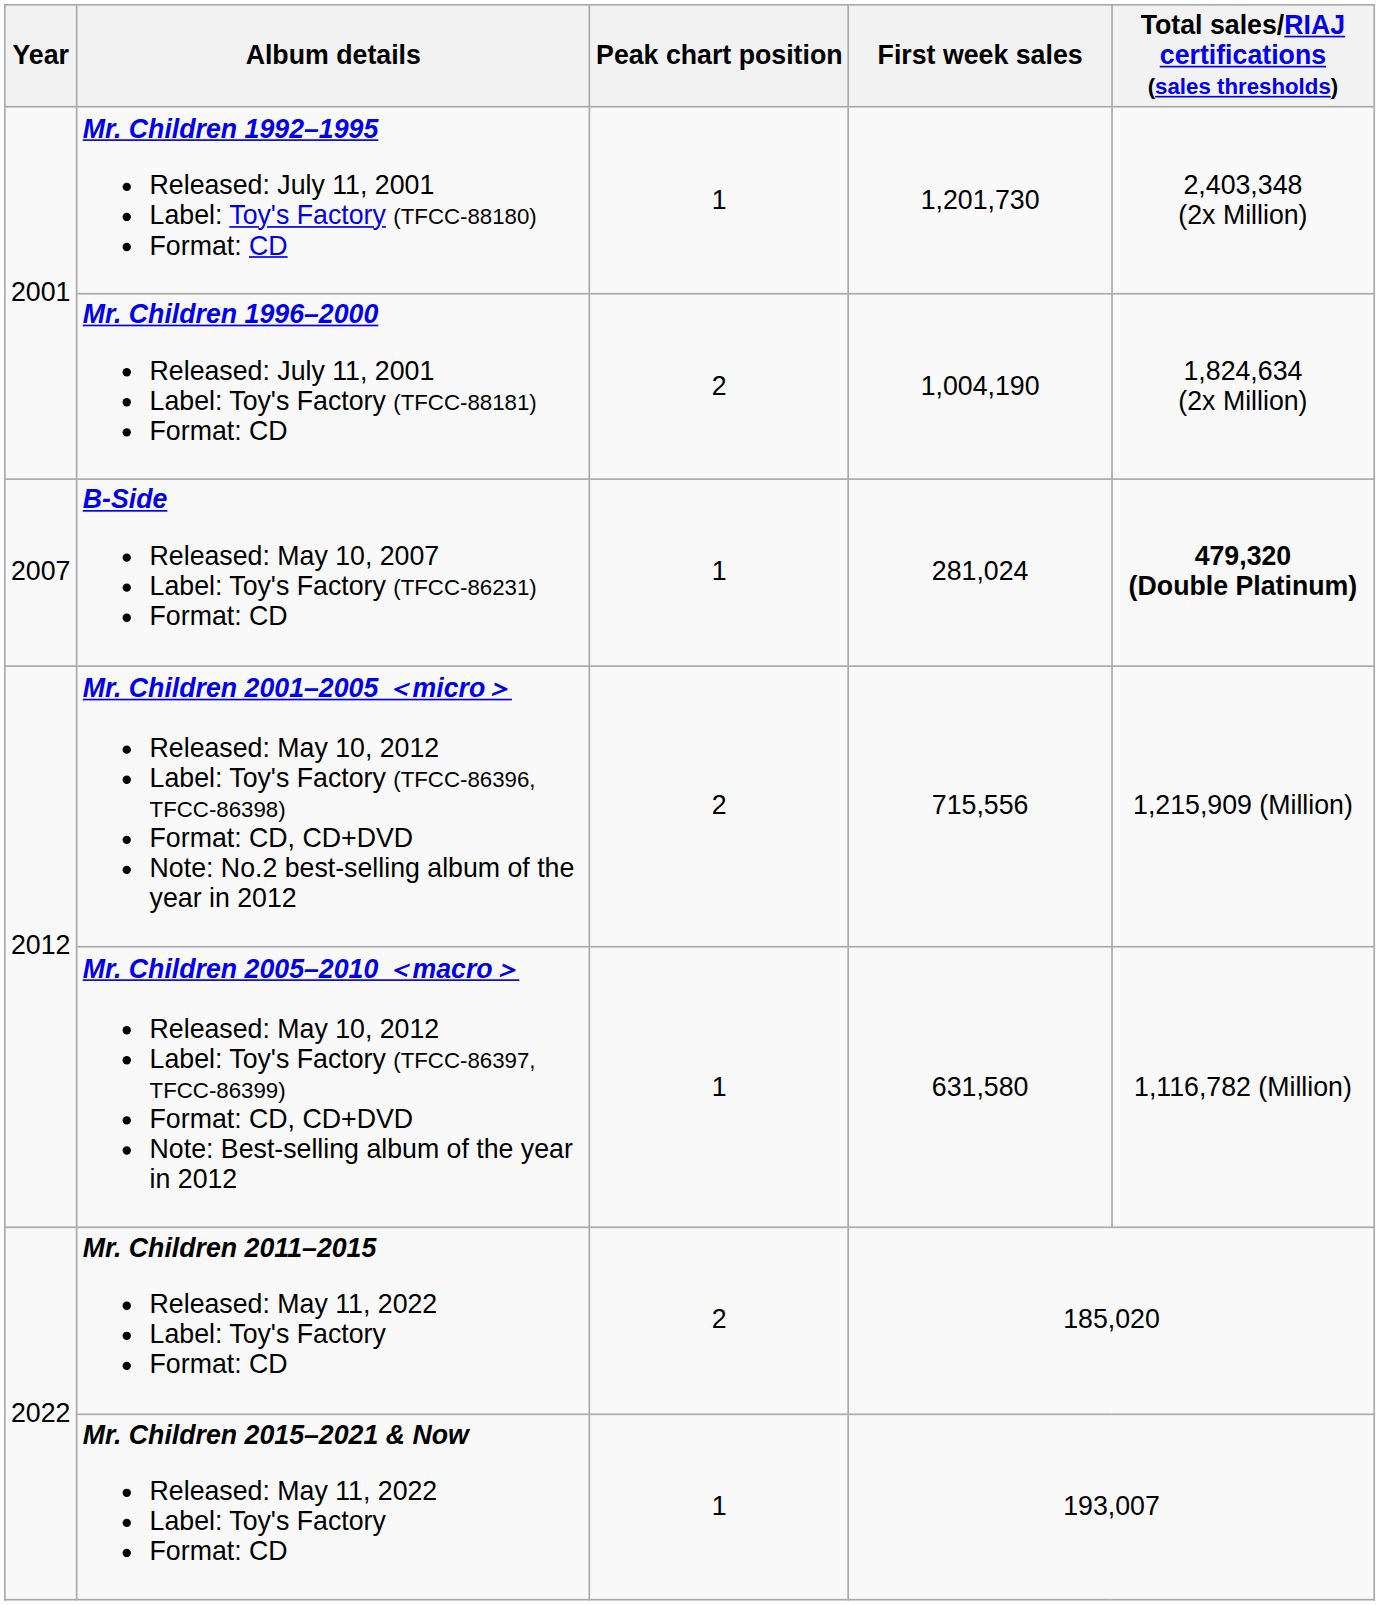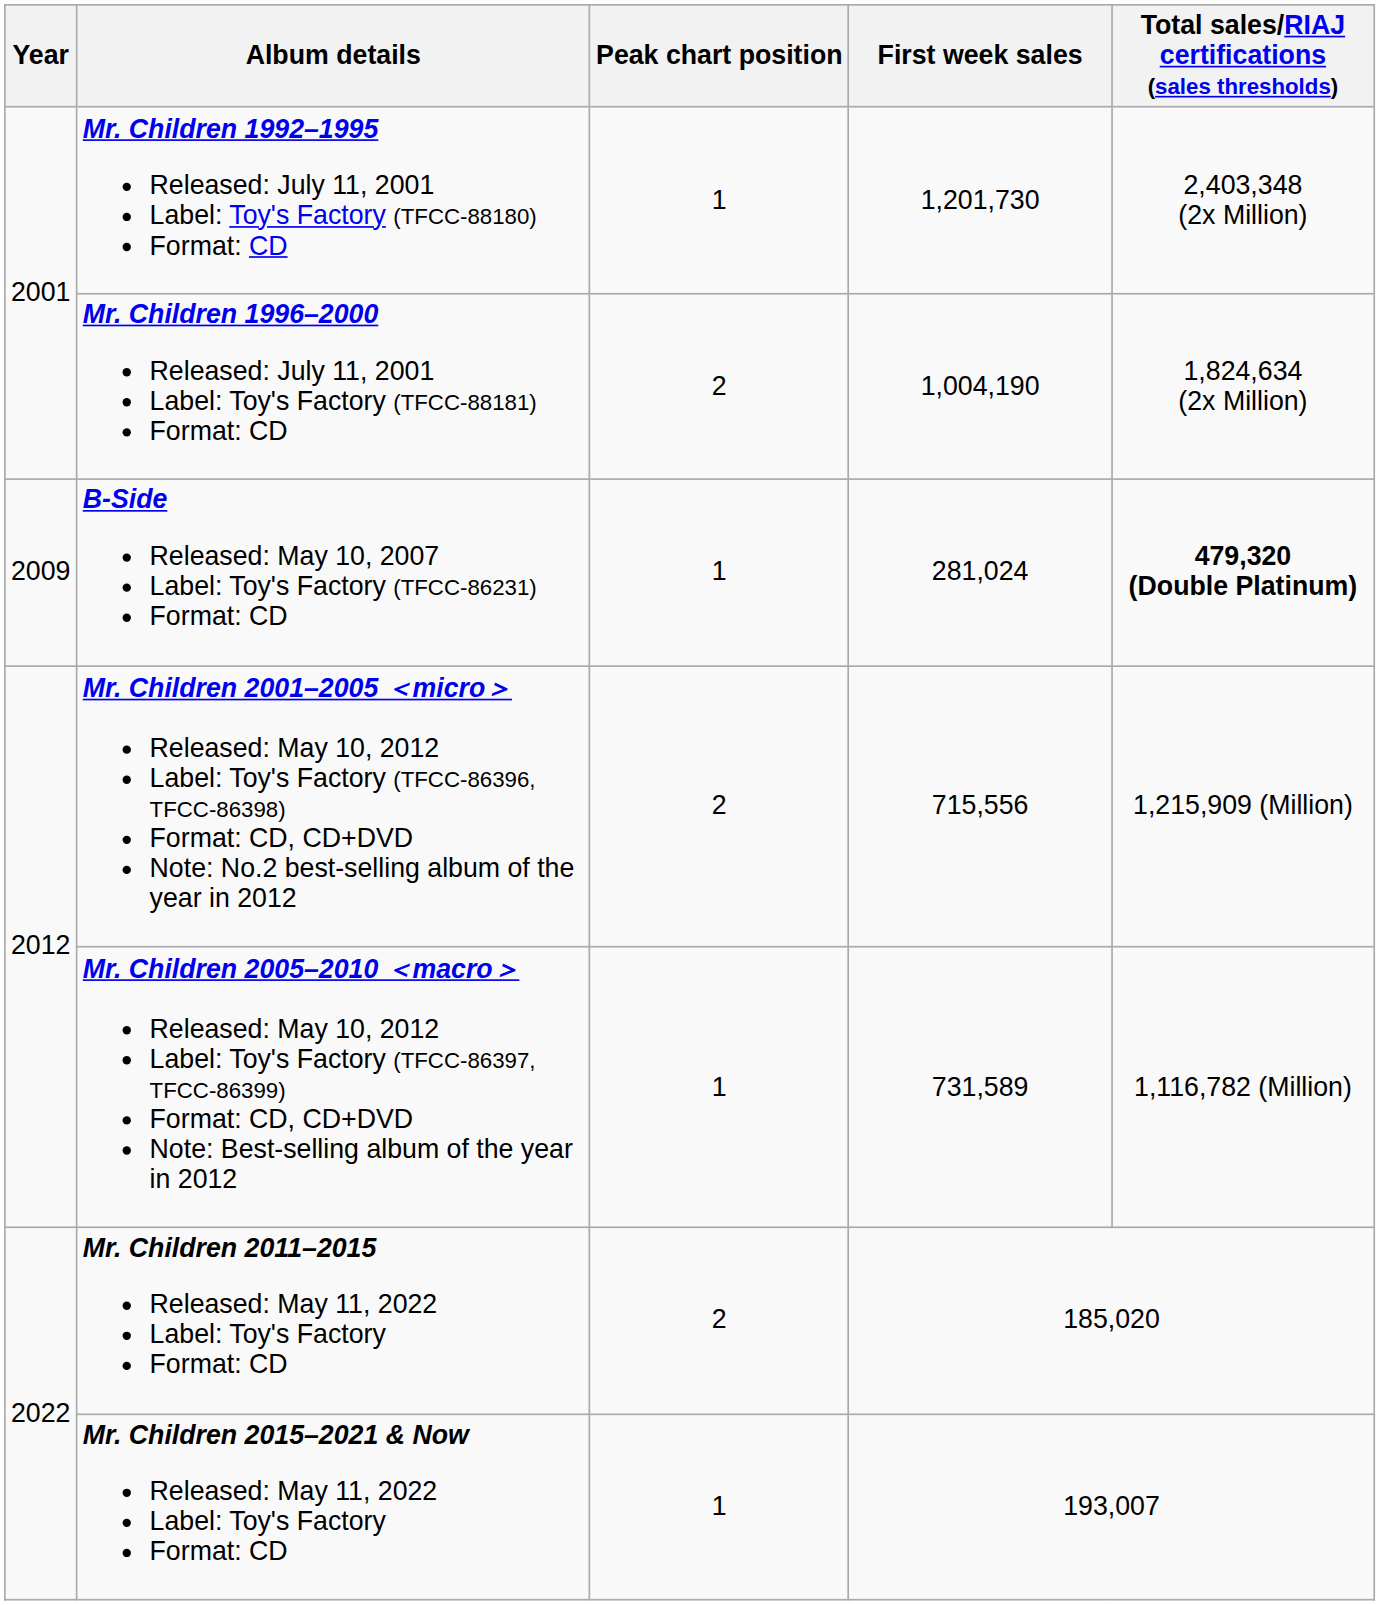 <table class="wikitable">
 <tr>
 <th rowspan="1">Year</th>
 <th rowspan="1" width="300">Album details</th>
 <th>Peak chart position</th>
 <th width="150" rowspan="1">First week sales</th>
 <th width="150" rowspan="1">Total sales/<a href='#'>RIAJ</a> <a href='#'>certifications</a><br><small>(<a href='#'>sales thresholds</a>)</small></th>
 </tr>
 <tr>
 <td rowspan="2" align="center">2001</td>
 <td><strong><em><a href='#'>Mr. Children 1992–1995</a></em></strong><br><ul><li>Released: July 11, 2001</li><li>Label: <a href='#'>Toy's Factory</a> <small>(TFCC-88180)</small></li><li>Format: <a href='#'>CD</a></li></ul></td>
 <td align="center">1</td>
 <td align="center">1,201,730</td>
 <td align="center">2,403,348<br>(2x Million)</td>
 </tr>
 <tr>
 <td><strong><em><a href='#'>Mr. Children 1996–2000</a></em></strong><br><ul><li>Released: July 11, 2001</li><li>Label: Toy's Factory <small>(TFCC-88181)</small></li><li>Format: CD</li></ul></td>
 <td align="center">2</td>
 <td align="center">1,004,190</td>
 <td align="center">1,824,634<br>(2x Million)</td>
 </tr>
 <tr>
-<td align="center">2007</td>
+<td align="center">2009</td>
 <td><strong><em><a href='#'>B-Side</a></em></strong><br><ul><li>Released: May 10, 2007</li><li>Label: Toy's Factory <small>(TFCC-86231)</small></li><li>Format: CD</li></ul></td>
 <td align="center">1</td>
 <td align="center">281,024</td>
 <td align="center"><strong>479,320<br>(Double Platinum)</strong></td>
 </tr>
 <tr>
 <td rowspan="2" align="center">2012</td>
 <td><strong><em><a href='#'>Mr. Children 2001–2005 ＜micro＞</a></em></strong><br><ul><li>Released: May 10, 2012</li><li>Label: Toy's Factory <small>(TFCC-86396, TFCC-86398)</small></li><li>Format: CD, CD+DVD</li><li>Note: No.2 best-selling album of the year in 2012</li></ul></td>
 <td align="center">2</td>
 <td align="center">715,556</td>
 <td align="center">1,215,909 (Million)</td>
 </tr>
 <tr>
 <td><strong><em><a href='#'>Mr. Children 2005–2010 ＜macro＞</a></em></strong><br><ul><li>Released: May 10, 2012</li><li>Label: Toy's Factory <small>(TFCC-86397, TFCC-86399)</small></li><li>Format: CD, CD+DVD</li><li>Note: Best-selling album of the year in 2012</li></ul></td>
 <td align="center">1</td>
-<td align="center">631,580</td>
+<td align="center">731,589</td>
 <td align="center">1,116,782 (Million)</td>
 </tr>
 <tr>
 <td rowspan="2" align="center">2022</td>
 <td><strong><em>Mr. Children 2011–2015</em></strong><br><ul><li>Released: May 11, 2022</li><li>Label: Toy's Factory</li><li>Format: CD</li></ul></td>
 <td align="center">2</td>
 <td align="center" colspan="2">185,020</td>
 </tr>
 <tr>
 <td><strong><em>Mr. Children 2015–2021 & Now</em></strong><br><ul><li>Released: May 11, 2022</li><li>Label: Toy's Factory</li><li>Format: CD</li></ul></td>
 <td align="center">1</td>
 <td align="center" colspan="2">193,007</td>
 </tr>
 </table>
